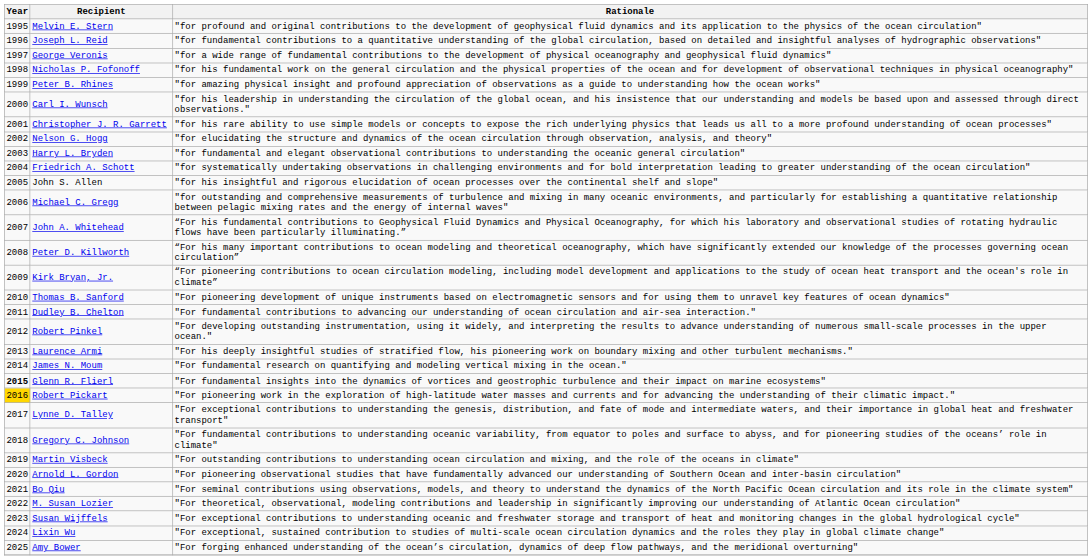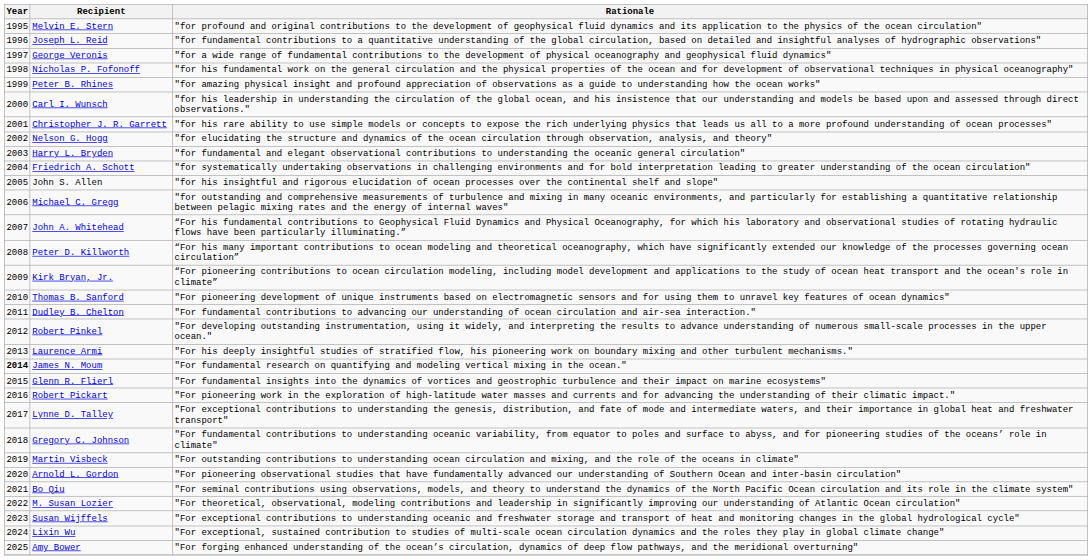 <table class="wikitable">
 <tr>
 <th>Year</th>
 <th width="200">Recipient</th>
 <th>Rationale</th>
 </tr>
 <tr>
 <td>1995</td>
 <td><a href='#'>Melvin E. Stern</a></td>
 <td>"for profound and original contributions to the development of geophysical fluid dynamics and its application to the physics of the ocean circulation"</td>
 </tr>
 <tr>
 <td>1996</td>
 <td><a href='#'>Joseph L. Reid</a></td>
 <td>"for fundamental contributions to a quantitative understanding of the global circulation, based on detailed and insightful analyses of hydrographic observations"</td>
 </tr>
 <tr>
 <td>1997</td>
 <td><a href='#'>George Veronis </a></td>
 <td>"for a wide range of fundamental contributions to the development of physical oceanography and geophysical fluid dynamics"</td>
 </tr>
 <tr>
 <td>1998</td>
 <td><a href='#'>Nicholas P. Fofonoff </a></td>
 <td>"for his fundamental work on the general circulation and the physical properties of the ocean and for development of observational techniques in physical oceanography"</td>
 </tr>
 <tr>
 <td>1999</td>
 <td><a href='#'>Peter B. Rhines </a></td>
 <td>"for amazing physical insight and profound appreciation of observations as a guide to understanding how the ocean works"</td>
 </tr>
 <tr>
 <td>2000</td>
 <td><a href='#'>Carl I. Wunsch</a></td>
 <td>"for his leadership in understanding the circulation of the global ocean, and his insistence that our understanding and models be based upon and assessed through direct observations."</td>
 </tr>
 <tr>
 <td>2001</td>
 <td><a href='#'>Christopher J. R. Garrett</a></td>
 <td>"for his rare ability to use simple models or concepts to expose the rich underlying physics that leads us all to a more profound understanding of ocean processes"</td>
 </tr>
 <tr>
 <td>2002</td>
 <td><a href='#'>Nelson G. Hogg</a></td>
 <td>"for elucidating the structure and dynamics of the ocean circulation through observation, analysis, and theory"</td>
 </tr>
 <tr>
 <td>2003</td>
 <td><a href='#'>Harry L. Bryden</a></td>
 <td>"for fundamental and elegant observational contributions to understanding the oceanic general circulation"</td>
 </tr>
 <tr>
 <td>2004</td>
 <td><a href='#'>Friedrich A. Schott</a></td>
 <td>"for systematically undertaking observations in challenging environments and for bold interpretation leading to greater understanding of the ocean circulation"</td>
 </tr>
 <tr>
 <td>2005</td>
 <td>John S. Allen</td>
 <td>"for his insightful and rigorous elucidation of ocean processes over the continental shelf and slope"</td>
 </tr>
 <tr>
 <td>2006</td>
 <td><a href='#'>Michael C. Gregg</a></td>
 <td>"for outstanding and comprehensive measurements of turbulence and mixing in many oceanic environments, and particularly for establishing a quantitative relationship<br>between pelagic mixing rates and the energy of internal waves"</td>
 </tr>
 <tr>
 <td>2007</td>
 <td><a href='#'>John A. Whitehead</a></td>
 <td>“For his fundamental contributions to Geophysical Fluid Dynamics and Physical Oceanography, for which his laboratory and observational studies of rotating hydraulic flows have been particularly illuminating.”</td>
 </tr>
 <tr>
 <td>2008</td>
 <td><a href='#'>Peter D. Killworth</a></td>
 <td>“For his many important contributions to ocean modeling and theoretical oceanography, which have significantly extended our knowledge of the processes governing ocean circulation”</td>
 </tr>
 <tr>
 <td>2009</td>
 <td><a href='#'>Kirk Bryan, Jr.</a></td>
 <td>“For pioneering contributions to ocean circulation modeling, including model development and applications to the study of ocean heat transport and the ocean's role in climate”</td>
 </tr>
 <tr>
 <td>2010</td>
 <td><a href='#'>Thomas B. Sanford</a></td>
 <td>"For pioneering development of unique instruments based on electromagnetic sensors and for using them to unravel key features of ocean dynamics"</td>
 </tr>
 <tr>
 <td>2011</td>
 <td><a href='#'>Dudley B. Chelton</a></td>
 <td>"For fundamental contributions to advancing our understanding of ocean circulation and air-sea interaction."</td>
 </tr>
 <tr>
 <td>2012</td>
 <td><a href='#'>Robert Pinkel</a></td>
 <td>"For developing outstanding instrumentation, using it widely, and interpreting the results to advance understanding of numerous small-scale processes in the upper ocean."</td>
 </tr>
 <tr>
 <td>2013</td>
 <td><a href='#'>Laurence Armi</a></td>
 <td>"For his deeply insightful studies of stratified flow, his pioneering work on boundary mixing and other turbulent mechanisms."</td>
 </tr>
 <tr>
-<td>2014</td>
+<td><strong>2014</strong></td>
 <td><a href='#'>James N. Moum</a></td>
 <td>"For fundamental research on quantifying and modeling vertical mixing in the ocean."</td>
 </tr>
 <tr>
-<td><strong>2015</strong></td>
+<td>2015</td>
 <td><a href='#'>Glenn R. Flierl</a></td>
 <td>"For fundamental insights into the dynamics of vortices and geostrophic turbulence and their impact on marine ecosystems"</td>
 </tr>
 <tr>
-<td style="background: gold;">2016</td>
+<td>2016</td>
 <td><a href='#'>Robert Pickart</a></td>
 <td>"For pioneering work in the exploration of high-latitude water masses and currents and for advancing the understanding of their climatic impact."</td>
 </tr>
 <tr>
 <td>2017</td>
 <td><a href='#'>Lynne D. Talley</a></td>
 <td>"For exceptional contributions to understanding the genesis, distribution, and fate of mode and intermediate waters, and their importance in global heat and freshwater transport"</td>
 </tr>
 <tr>
 <td>2018</td>
 <td><a href='#'>Gregory C. Johnson</a></td>
 <td>"For fundamental contributions to understanding oceanic variability, from equator to poles and surface to abyss, and for pioneering studies of the oceans’ role in climate"</td>
 </tr>
 <tr>
 <td>2019</td>
 <td><a href='#'>Martin Visbeck</a></td>
 <td>"For outstanding contributions to understanding ocean circulation and mixing, and the role of the oceans in climate"</td>
 </tr>
 <tr>
 <td>2020</td>
 <td><a href='#'>Arnold L. Gordon</a></td>
 <td>"For pioneering observational studies that have fundamentally advanced our understanding of Southern Ocean and inter-basin circulation"</td>
 </tr>
 <tr>
 <td>2021</td>
 <td><a href='#'>Bo Qiu</a></td>
 <td>"For seminal contributions using observations, models, and theory to understand the dynamics of the North Pacific Ocean circulation and its role in the climate system"</td>
 </tr>
 <tr>
 <td>2022</td>
 <td><a href='#'>M. Susan Lozier</a></td>
 <td>"For theoretical, observational, modeling contributions and leadership in significantly improving our understanding of Atlantic Ocean circulation"</td>
 </tr>
 <tr>
 <td>2023</td>
 <td><a href='#'>Susan Wijffels</a></td>
 <td>"For exceptional contributions to understanding oceanic and freshwater storage and transport of heat and monitoring changes in the global hydrological cycle"</td>
 </tr>
 <tr>
 <td>2024</td>
 <td><a href='#'>Lixin Wu</a></td>
 <td>"For exceptional, sustained contribution to studies of multi-scale ocean circulation dynamics and the roles they play in global climate change"</td>
 </tr>
 <tr>
 <td>2025</td>
 <td><a href='#'>Amy Bower</a></td>
 <td>"For forging enhanced understanding of the ocean’s circulation, dynamics of deep flow pathways, and the meridional overturning"</td>
 </tr>
 <tr>
 </tr>
 </table>
